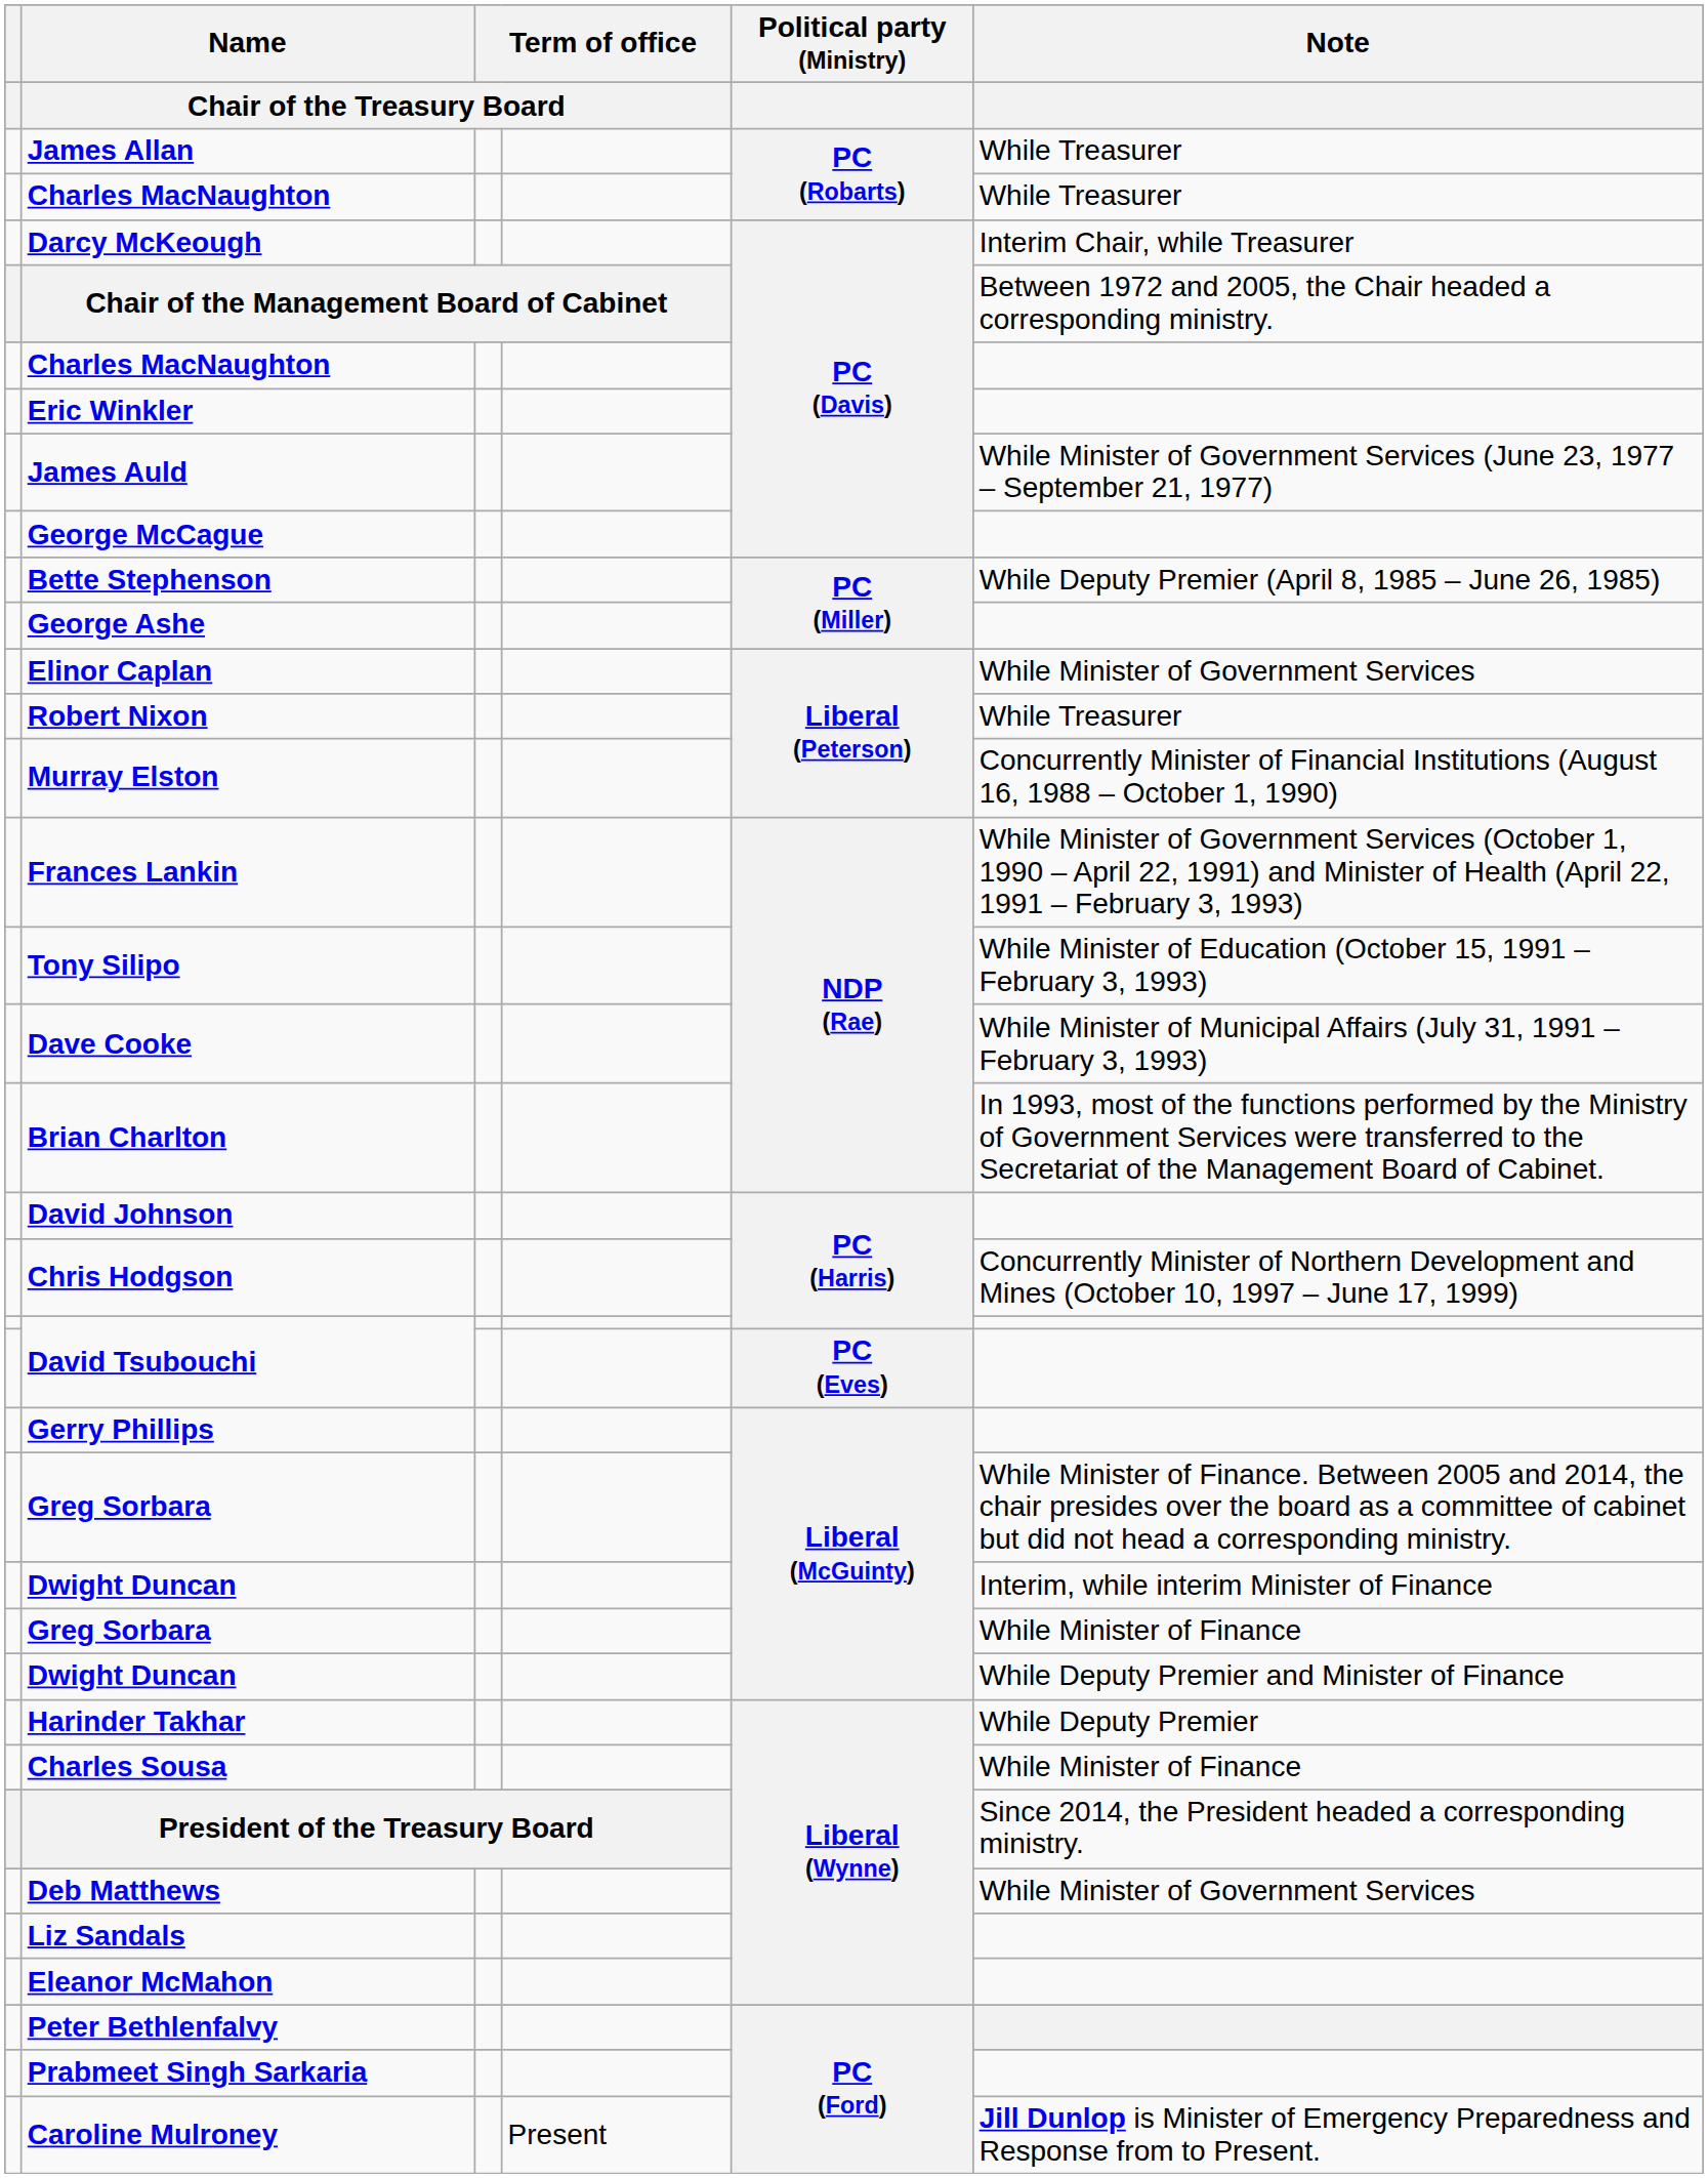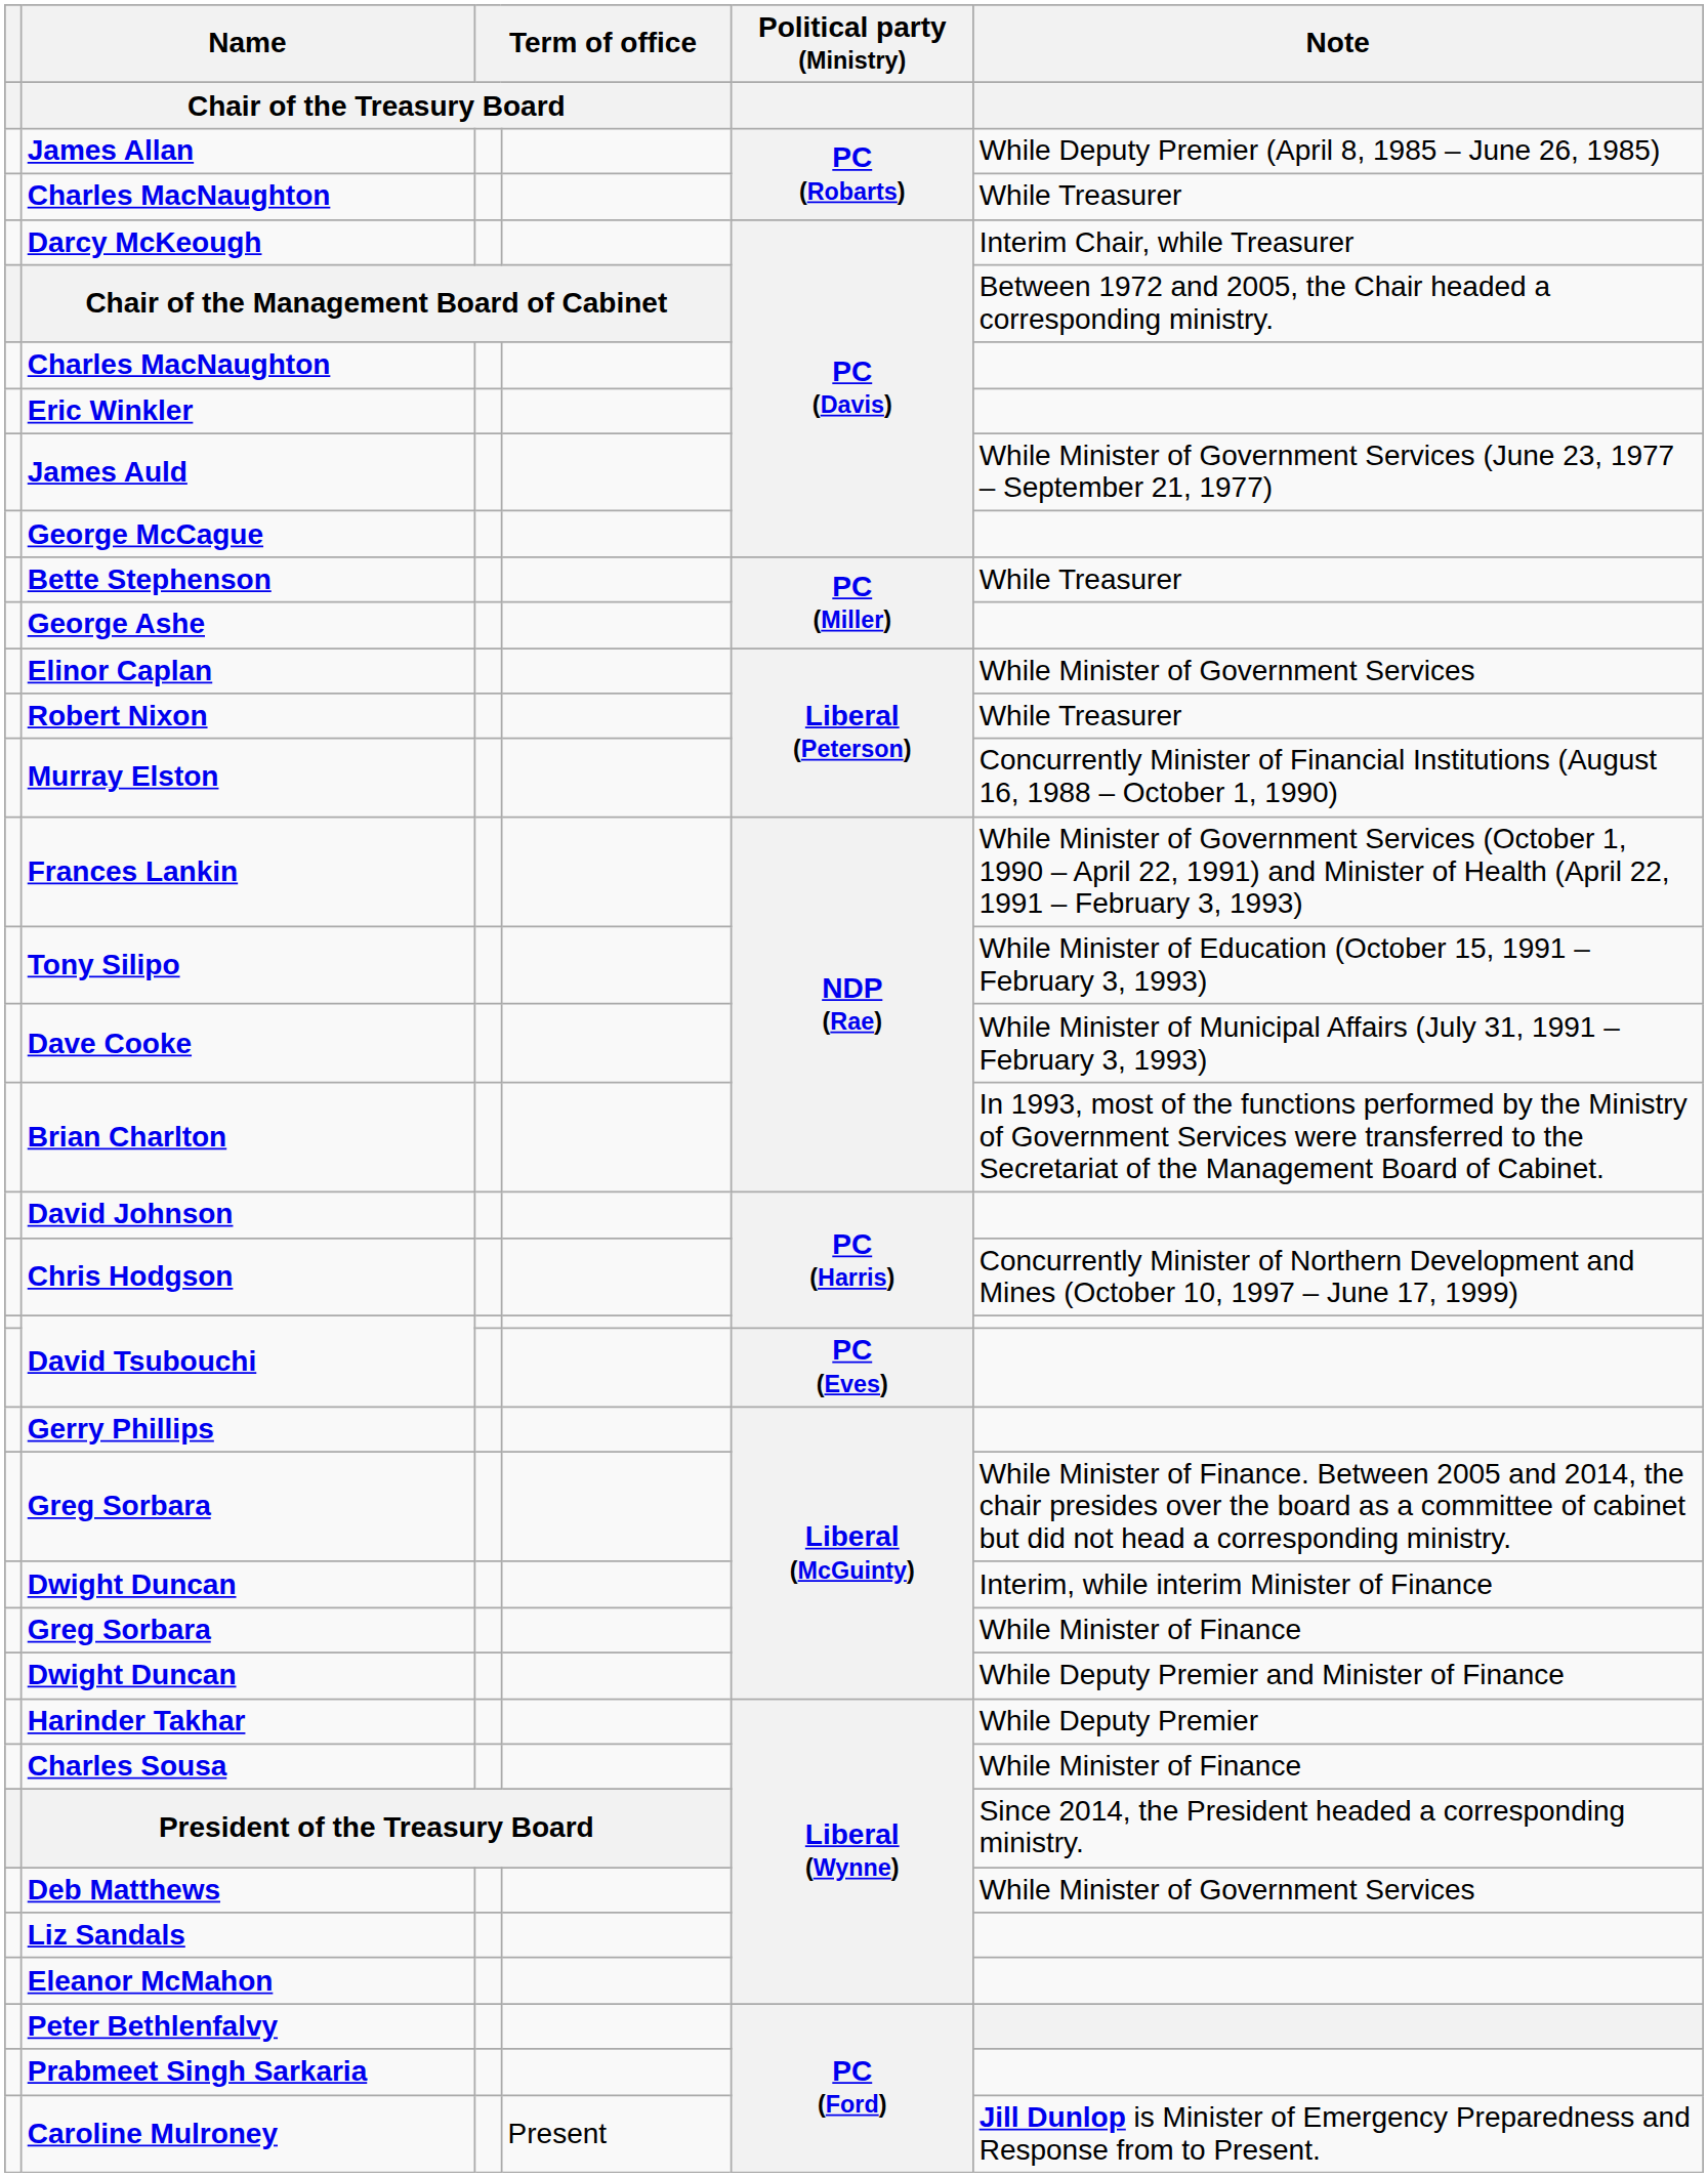 <table class="wikitable" style="width: 75%">
 <tr>
 <th></th>
 <th>Name</th>
 <th colspan=2>Term of office</th>
 <th>Political party<br><small>(Ministry)</small></th>
 <th style="width: 400px;">Note</th>
 </tr>
 <tr>
 <th></th>
 <th colspan=3>Chair of the Treasury Board</th>
 <th></th>
 <th></th>
 </tr>
 <tr>
 <td style="background:"></td>
 <td><strong><a href='#'>James Allan</a></strong></td>
 <td></td>
 <td></td>
 <th rowspan=2; style="background:"><a href='#'>PC</a><br><small>(<a href='#'>Robarts</a>)</small></th>
-<td>While Treasurer</td>
+<td>While Deputy Premier (April 8, 1985 – June 26, 1985)</td>
 </tr>
 <tr>
 <td style="background:"></td>
 <td><strong><a href='#'>Charles MacNaughton</a></strong></td>
 <td></td>
 <td></td>
 <td>While Treasurer</td>
 </tr>
 <tr>
 <td style="background:"></td>
 <td><strong><a href='#'>Darcy McKeough</a></strong></td>
 <td></td>
 <td></td>
 <th rowspan=6; style="background:"><a href='#'>PC</a><br><small>(<a href='#'>Davis</a>)</small></th>
 <td>Interim Chair, while Treasurer</td>
 </tr>
 <tr>
 <th></th>
 <th colspan=3>Chair of the Management Board of Cabinet</th>
 <td>Between 1972 and 2005, the Chair headed a corresponding ministry.</td>
 </tr>
 <tr>
 <td style="background:"></td>
 <td><strong><a href='#'>Charles MacNaughton</a></strong></td>
 <td></td>
 <td></td>
 <td></td>
 </tr>
 <tr>
 <td style="background:"></td>
 <td><strong><a href='#'>Eric Winkler</a></strong></td>
 <td></td>
 <td></td>
 <td></td>
 </tr>
 <tr>
 <td style="background:"></td>
 <td><strong><a href='#'>James Auld</a></strong></td>
 <td></td>
 <td></td>
 <td>While Minister of Government Services (June 23, 1977 – September 21, 1977)</td>
 </tr>
 <tr>
 <td style="background:"></td>
 <td><strong><a href='#'>George McCague</a></strong></td>
 <td></td>
 <td></td>
 <td></td>
 </tr>
 <tr>
 <td style="background:"></td>
 <td><strong><a href='#'>Bette Stephenson</a></strong></td>
 <td></td>
 <td></td>
 <th rowspan=2; style="background:"><a href='#'>PC</a><br><small>(<a href='#'>Miller</a>)</small></th>
-<td>While Deputy Premier (April 8, 1985 – June 26, 1985)</td>
+<td>While Treasurer</td>
 </tr>
 <tr>
 <td style="background:"></td>
 <td><strong><a href='#'>George Ashe</a></strong></td>
 <td></td>
 <td></td>
 <td></td>
 </tr>
 <tr>
 <td style="background:"></td>
 <td><strong><a href='#'>Elinor Caplan</a></strong></td>
 <td></td>
 <td></td>
 <th rowspan=3; style="background:"><a href='#'>Liberal</a><br><small>(<a href='#'>Peterson</a>)</small></th>
 <td>While Minister of Government Services</td>
 </tr>
 <tr>
 <td style="background:"></td>
 <td><strong><a href='#'>Robert Nixon</a></strong></td>
 <td></td>
 <td></td>
 <td>While Treasurer</td>
 </tr>
 <tr>
 <td style="background:"></td>
 <td><strong><a href='#'>Murray Elston</a></strong></td>
 <td></td>
 <td></td>
 <td>Concurrently Minister of Financial Institutions (August 16, 1988 – October 1, 1990)</td>
 </tr>
 <tr>
 <td style="background:"></td>
 <td><strong><a href='#'>Frances Lankin</a></strong></td>
 <td></td>
 <td></td>
 <th rowspan=4 ; style="background:"><a href='#'>NDP</a><br><small>(<a href='#'>Rae</a>)</small></th>
 <td>While Minister of Government Services (October 1, 1990 – April 22, 1991) and Minister of Health (April 22, 1991 – February 3, 1993)</td>
 </tr>
 <tr>
 <td style="background:"></td>
 <td><strong><a href='#'>Tony Silipo</a></strong></td>
 <td></td>
 <td></td>
 <td>While Minister of Education (October 15, 1991 – February 3, 1993)</td>
 </tr>
 <tr>
 <td style="background:"></td>
 <td><strong><a href='#'>Dave Cooke</a></strong></td>
 <td></td>
 <td></td>
 <td>While Minister of Municipal Affairs (July 31, 1991 – February 3, 1993)</td>
 </tr>
 <tr>
 <td style="background:"></td>
 <td><strong><a href='#'>Brian Charlton</a></strong></td>
 <td></td>
 <td></td>
 <td>In 1993, most of the functions performed by the Ministry of Government Services were transferred to the Secretariat of the Management Board of Cabinet.</td>
 </tr>
 <tr>
 <td style="background:"></td>
 <td><strong><a href='#'>David Johnson</a></strong></td>
 <td></td>
 <td></td>
 <th rowspan=3 ; style="background:"><a href='#'>PC</a><br><small>(<a href='#'>Harris</a>)</small></th>
 <td></td>
 </tr>
 <tr>
 <td style="background:"></td>
 <td><strong><a href='#'>Chris Hodgson</a></strong></td>
 <td></td>
 <td></td>
 <td>Concurrently Minister of Northern Development and Mines (October 10, 1997 – June 17, 1999)</td>
 </tr>
 <tr>
 <td style="background:"></td>
 <td rowspan=2><strong><a href='#'>David Tsubouchi</a></strong></td>
 <td></td>
 <td></td>
 <td></td>
 </tr>
 <tr>
 <td style="background:"></td>
 <td></td>
 <td></td>
 <th style="background:"><a href='#'>PC</a><br><small>(<a href='#'>Eves</a>)</small></th>
 <td></td>
 </tr>
 <tr>
 <td style="background:"></td>
 <td><strong><a href='#'>Gerry Phillips</a></strong></td>
 <td></td>
 <td></td>
 <th rowspan=5; style="background:"><a href='#'>Liberal</a><br><small>(<a href='#'>McGuinty</a>)</small></th>
 <td></td>
 </tr>
 <tr>
 <td style="background:"></td>
 <td><strong><a href='#'>Greg Sorbara</a></strong></td>
 <td></td>
 <td></td>
 <td>While Minister of Finance. Between 2005 and 2014, the chair presides over the board as a committee of cabinet but did not head a corresponding ministry.</td>
 </tr>
 <tr>
 <td style="background:"></td>
 <td><strong><a href='#'>Dwight Duncan</a></strong></td>
 <td></td>
 <td></td>
 <td>Interim, while interim Minister of Finance</td>
 </tr>
 <tr>
 <td style="background:"></td>
 <td><strong><a href='#'>Greg Sorbara</a></strong></td>
 <td></td>
 <td></td>
 <td>While Minister of Finance</td>
 </tr>
 <tr>
 <td style="background:"></td>
 <td><strong><a href='#'>Dwight Duncan</a></strong></td>
 <td></td>
 <td></td>
 <td>While Deputy Premier and Minister of Finance</td>
 </tr>
 <tr>
 <td style="background:"></td>
 <td><strong><a href='#'>Harinder Takhar</a></strong></td>
 <td></td>
 <td></td>
 <th rowspan=6; style="background:"><a href='#'>Liberal</a><br><small>(<a href='#'>Wynne</a>)</small></th>
 <td>While Deputy Premier</td>
 </tr>
 <tr>
 <td style="background:"></td>
 <td><strong><a href='#'>Charles Sousa</a></strong></td>
 <td></td>
 <td></td>
 <td>While Minister of Finance</td>
 </tr>
 <tr>
 <th></th>
 <th colspan=3>President of the Treasury Board</th>
 <td>Since 2014, the President headed a corresponding ministry.</td>
 </tr>
 <tr>
 <td style="background:"></td>
 <td><strong><a href='#'>Deb Matthews</a></strong></td>
 <td></td>
 <td></td>
 <td>While Minister of Government Services</td>
 </tr>
 <tr>
 <td style="background:"></td>
 <td><strong><a href='#'>Liz Sandals</a></strong></td>
 <td></td>
 <td></td>
 <td></td>
 </tr>
 <tr>
 <td style="background:"></td>
 <td><strong><a href='#'>Eleanor McMahon</a></strong></td>
 <td></td>
 <td></td>
 <td></td>
 </tr>
 <tr>
 <td style="background:"></td>
 <td><strong><a href='#'>Peter Bethlenfalvy</a></strong></td>
 <td></td>
 <td></td>
 <th rowspan=3; style="background:"><a href='#'>PC</a><br><small>(<a href='#'>Ford</a>)</small></th>
 <th></th>
 </tr>
 <tr>
 <td style="background:"></td>
 <td><strong><a href='#'>Prabmeet Singh Sarkaria</a></strong></td>
 <td></td>
 <td></td>
 <td></td>
 </tr>
 <tr>
 <td style="background:"></td>
 <td><strong><a href='#'>Caroline Mulroney</a></strong></td>
 <td></td>
 <td>Present</td>
 <td><strong><a href='#'>Jill Dunlop</a></strong> is Minister of Emergency Preparedness and Response from  to Present.</td>
 </tr>
 </table>
